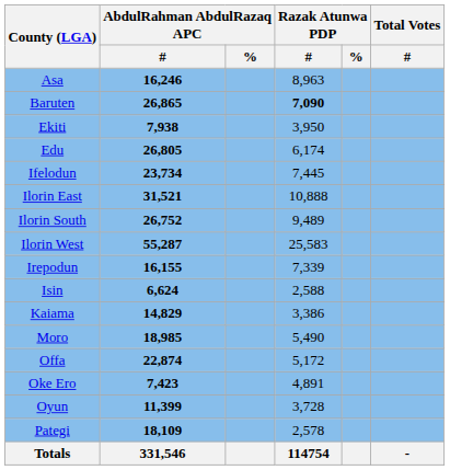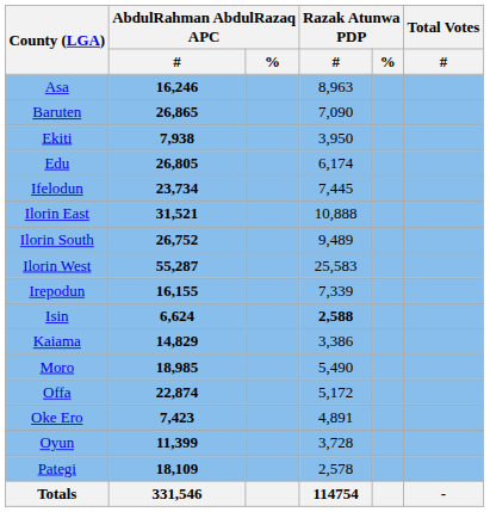 <table class="wikitable sortable" style=" font-size: 95%">
 <tr>
 <th rowspan="2">County (<a href='#'>LGA</a>)</th>
 <th colspan="2">AbdulRahman AbdulRazaq<br>APC</th>
 <th colspan="2">Razak Atunwa<br>PDP</th>
 <th>Total Votes</th>
 </tr>
 <tr>
 <th>#</th>
 <th>%</th>
 <th>#</th>
 <th>%</th>
 <th>#</th>
 </tr>
 <tr>
 <td bgcolor=#87BEEB align="center"><a href='#'>Asa</a></td>
 <td bgcolor=#87BEEB align="center"><strong>16,246</strong></td>
 <td bgcolor=#87BEEB align="center"></td>
 <td bgcolor=#87BEEB align="center">8,963</td>
 <td bgcolor=#87BEEB align="center"></td>
 <td bgcolor=#87BEEB align="center"></td>
 </tr>
 <tr>
 <td bgcolor=#87BEEB align="center"><a href='#'>Baruten</a></td>
 <td bgcolor=#87BEEB align="center"><strong>26,865</strong></td>
 <td bgcolor=#87BEEB align="center"></td>
-<td bgcolor=#87BEEB align="center"><strong>7,090</strong></td>
+<td bgcolor=#87BEEB align="center">7,090</td>
 <td bgcolor=#87BEEB align="center"></td>
 <td bgcolor=#87BEEB align="center"></td>
 </tr>
 <tr>
 <td bgcolor=#87BEEB align="center"><a href='#'>Ekiti</a></td>
 <td bgcolor=#87BEEB align="center"><strong>7,938</strong></td>
 <td bgcolor=#87BEEB align="center"></td>
 <td bgcolor=#87BEEB align="center">3,950</td>
 <td bgcolor=#87BEEB align="center"></td>
 <td bgcolor=#87BEEB align="center"></td>
 </tr>
 <tr>
 <td bgcolor=#87BEEB align="center"><a href='#'>Edu</a></td>
 <td bgcolor=#87BEEB align="center"><strong>26,805</strong></td>
 <td bgcolor=#87BEEB align="center"></td>
 <td bgcolor=#87BEEB align="center">6,174</td>
 <td bgcolor=#87BEEB align="center"></td>
 <td bgcolor=#87BEEB align="center"></td>
 </tr>
 <tr>
 <td bgcolor=#87BEEB align="center"><a href='#'>Ifelodun</a></td>
 <td bgcolor=#87BEEB align="center"><strong>23,734</strong></td>
 <td bgcolor=#87BEEB align="center"></td>
 <td bgcolor=#87BEEB align="center">7,445</td>
 <td bgcolor=#87BEEB align="center"></td>
 <td bgcolor=#87BEEB align="center"></td>
 </tr>
 <tr>
 <td bgcolor=#87BEEB align="center"><a href='#'>Ilorin East</a></td>
 <td bgcolor=#87BEEB align="center"><strong>31,521</strong></td>
 <td bgcolor=#87BEEB align="center"></td>
 <td bgcolor=#87BEEB align="center">10,888</td>
 <td bgcolor=#87BEEB align="center"></td>
 <td bgcolor=#87BEEB align="center"></td>
 </tr>
 <tr>
 <td bgcolor=#87BEEB align="center"><a href='#'>Ilorin South</a></td>
 <td bgcolor=#87BEEB align="center"><strong>26,752</strong></td>
 <td bgcolor=#87BEEB align="center"></td>
 <td bgcolor=#87BEEB align="center">9,489</td>
 <td bgcolor=#87BEEB align="center"></td>
 <td bgcolor=#87BEEB align="center"></td>
 </tr>
 <tr>
 <td bgcolor=#87BEEB align="center"><a href='#'>Ilorin West</a></td>
 <td bgcolor=#87BEEB align="center"><strong>55,287</strong></td>
 <td bgcolor=#87BEEB align="center"></td>
 <td bgcolor=#87BEEB align="center">25,583</td>
 <td bgcolor=#87BEEB align="center"></td>
 <td bgcolor=#87BEEB align="center"></td>
 </tr>
 <tr>
 <td bgcolor=#87BEEB align="center"><a href='#'>Irepodun</a></td>
 <td bgcolor=#87BEEB align="center"><strong>16,155</strong></td>
 <td bgcolor=#87BEEB align="center"></td>
 <td bgcolor=#87BEEB align="center">7,339</td>
 <td bgcolor=#87BEEB align="center"></td>
 <td bgcolor=#87BEEB align="center"></td>
 </tr>
 <tr>
 <td bgcolor=#87BEEB align="center"><a href='#'>Isin</a></td>
 <td bgcolor=#87BEEB align="center"><strong>6,624</strong></td>
 <td bgcolor=#87BEEB align="center"></td>
-<td bgcolor=#87BEEB align="center">2,588</td>
+<td bgcolor=#87BEEB align="center"><strong>2,588</strong></td>
 <td bgcolor=#87BEEB align="center"></td>
 <td bgcolor=#87BEEB align="center"></td>
 </tr>
 <tr>
 <td bgcolor=#87BEEB align="center"><a href='#'>Kaiama</a></td>
 <td bgcolor=#87BEEB align="center"><strong>14,829</strong></td>
 <td bgcolor=#87BEEB align="center"></td>
 <td bgcolor=#87BEEB align="center">3,386</td>
 <td bgcolor=#87BEEB align="center"></td>
 <td bgcolor=#87BEEB align="center"></td>
 </tr>
 <tr>
 <td bgcolor=#87BEEB align="center"><a href='#'>Moro</a></td>
 <td bgcolor=#87BEEB align="center"><strong>18,985</strong></td>
 <td bgcolor=#87BEEB align="center"></td>
 <td bgcolor=#87BEEB align="center">5,490</td>
 <td bgcolor=#87BEEB align="center"></td>
 <td bgcolor=#87BEEB align="center"></td>
 </tr>
 <tr>
 <td bgcolor=#87BEEB align="center"><a href='#'>Offa</a></td>
 <td bgcolor=#87BEEB align="center"><strong>22,874</strong></td>
 <td bgcolor=#87BEEB align="center"></td>
 <td bgcolor=#87BEEB align="center">5,172</td>
 <td bgcolor=#87BEEB align="center"></td>
 <td bgcolor=#87BEEB align="center"></td>
 </tr>
 <tr>
 <td bgcolor=#87BEEB align="center"><a href='#'>Oke Ero</a></td>
 <td bgcolor=#87BEEB align="center"><strong>7,423</strong></td>
 <td bgcolor=#87BEEB align="center"></td>
 <td bgcolor=#87BEEB align="center">4,891</td>
 <td bgcolor=#87BEEB align="center"></td>
 <td bgcolor=#87BEEB align="center"></td>
 </tr>
 <tr>
 <td bgcolor=#87BEEB align="center"><a href='#'>Oyun</a></td>
 <td bgcolor=#87BEEB align="center"><strong>11,399</strong></td>
 <td bgcolor=#87BEEB align="center"></td>
 <td bgcolor=#87BEEB align="center">3,728</td>
 <td bgcolor=#87BEEB align="center"></td>
 <td bgcolor=#87BEEB align="center"></td>
 </tr>
 <tr>
 <td bgcolor=#87BEEB align="center"><a href='#'>Pategi</a></td>
 <td bgcolor=#87BEEB align="center"><strong>18,109</strong></td>
 <td bgcolor=#87BEEB align="center"></td>
 <td bgcolor=#87BEEB align="center">2,578</td>
 <td bgcolor=#87BEEB align="center"></td>
 <td bgcolor=#87BEEB align="center"></td>
 </tr>
 <tr>
 <th>Totals</th>
 <th>331,546</th>
 <th></th>
 <th>114754</th>
 <th></th>
 <th>-</th>
 </tr>
 </table>
